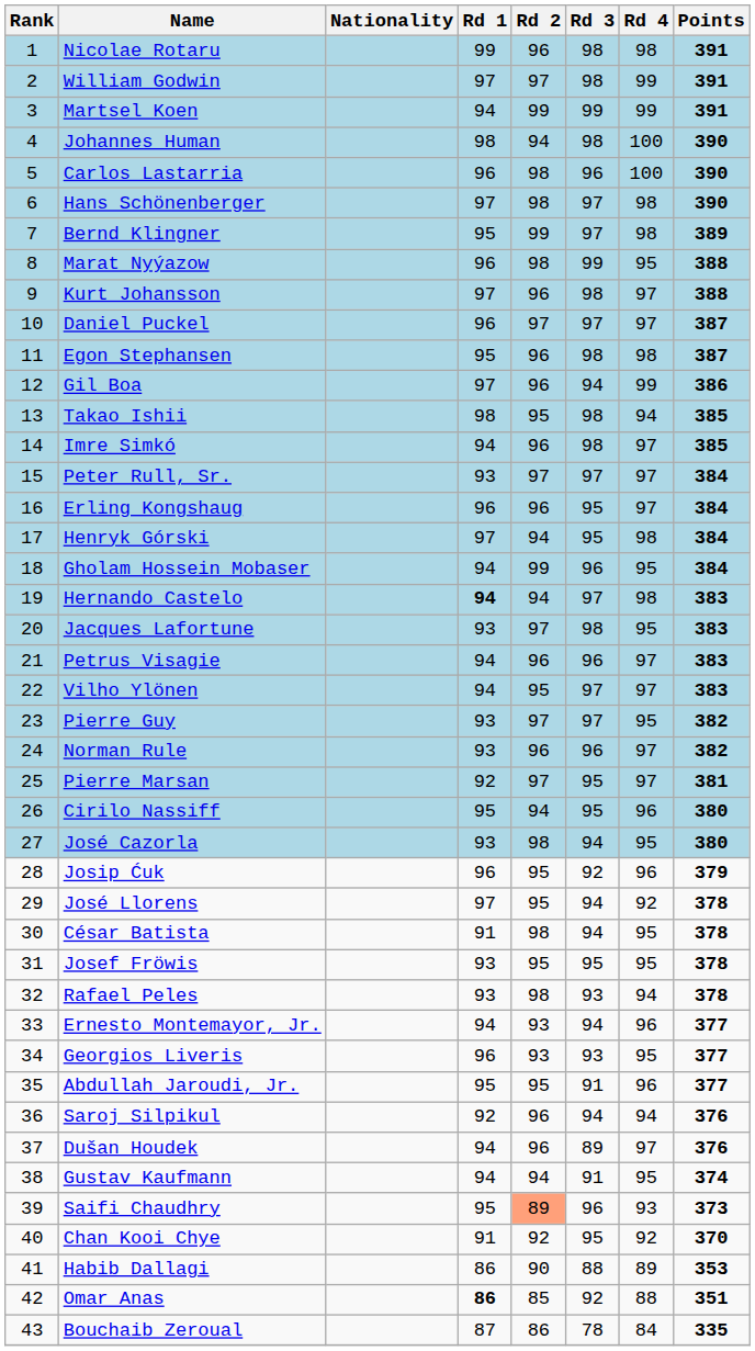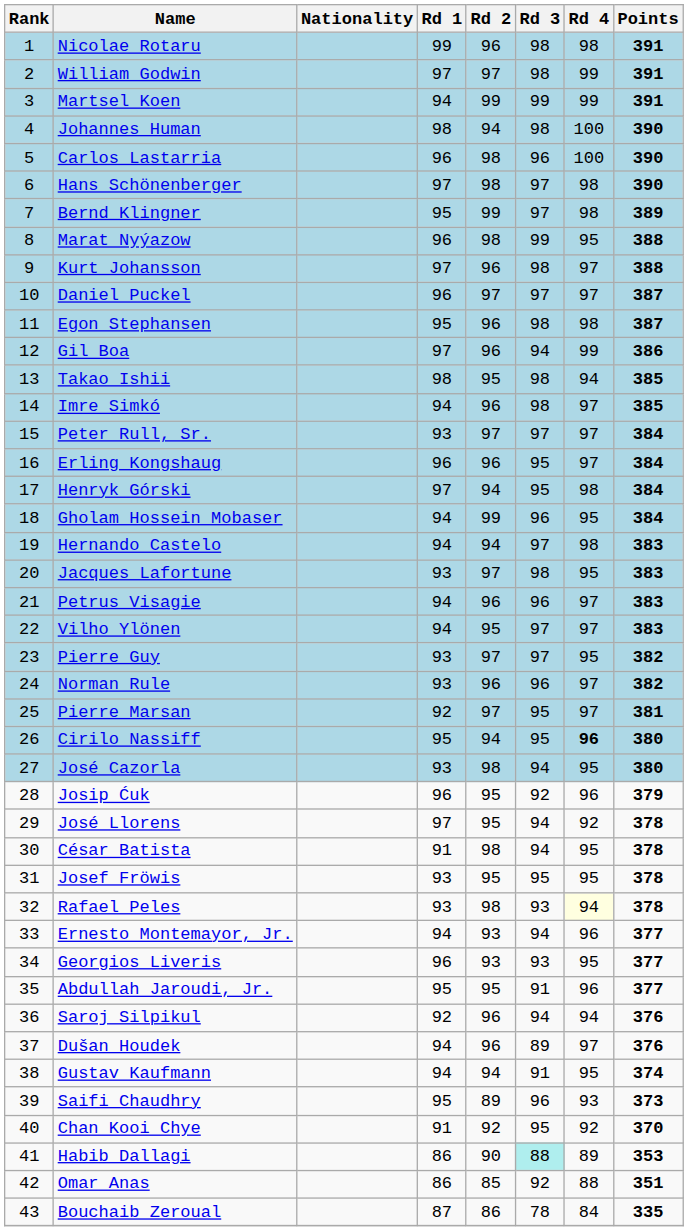 <table class="wikitable sortable" style="text-align:center">
 <tr>
 <th>Rank</th>
 <th>Name</th>
 <th>Nationality</th>
 <th>Rd 1</th>
 <th>Rd 2</th>
 <th>Rd 3</th>
 <th>Rd 4</th>
 <th>Points</th>
 </tr>
 <tr bgcolor=lightblue>
 <td>1</td>
 <td align=left><a href='#'>Nicolae Rotaru</a></td>
 <td align=left></td>
 <td>99</td>
 <td>96</td>
 <td>98</td>
 <td>98</td>
 <td><strong>391</strong></td>
 </tr>
 <tr bgcolor=lightblue>
 <td>2</td>
 <td align=left><a href='#'>William Godwin</a></td>
 <td align=left></td>
 <td>97</td>
 <td>97</td>
 <td>98</td>
 <td>99</td>
 <td><strong>391</strong></td>
 </tr>
 <tr bgcolor=lightblue>
 <td>3</td>
 <td align=left><a href='#'>Martsel Koen</a></td>
 <td align=left></td>
 <td>94</td>
 <td>99</td>
 <td>99</td>
 <td>99</td>
 <td><strong>391</strong></td>
 </tr>
 <tr bgcolor=lightblue>
 <td>4</td>
 <td align=left><a href='#'>Johannes Human</a></td>
 <td align=left></td>
 <td>98</td>
 <td>94</td>
 <td>98</td>
 <td>100</td>
 <td><strong>390</strong></td>
 </tr>
 <tr bgcolor=lightblue>
 <td>5</td>
 <td align=left><a href='#'>Carlos Lastarria</a></td>
 <td align=left></td>
 <td>96</td>
 <td>98</td>
 <td>96</td>
 <td>100</td>
 <td><strong>390</strong></td>
 </tr>
 <tr bgcolor=lightblue>
 <td>6</td>
 <td align=left><a href='#'>Hans Schönenberger</a></td>
 <td align=left></td>
 <td>97</td>
 <td>98</td>
 <td>97</td>
 <td>98</td>
 <td><strong>390</strong></td>
 </tr>
 <tr bgcolor=lightblue>
 <td>7</td>
 <td align=left><a href='#'>Bernd Klingner</a></td>
 <td align=left></td>
 <td>95</td>
 <td>99</td>
 <td>97</td>
 <td>98</td>
 <td><strong>389</strong></td>
 </tr>
 <tr bgcolor=lightblue>
 <td>8</td>
 <td align=left><a href='#'>Marat Nyýazow</a></td>
 <td align=left></td>
 <td>96</td>
 <td>98</td>
 <td>99</td>
 <td>95</td>
 <td><strong>388</strong></td>
 </tr>
 <tr bgcolor=lightblue>
 <td>9</td>
 <td align=left><a href='#'>Kurt Johansson</a></td>
 <td align=left></td>
 <td>97</td>
 <td>96</td>
 <td>98</td>
 <td>97</td>
 <td><strong>388</strong></td>
 </tr>
 <tr bgcolor=lightblue>
 <td>10</td>
 <td align=left><a href='#'>Daniel Puckel</a></td>
 <td align=left></td>
 <td>96</td>
 <td>97</td>
 <td>97</td>
 <td>97</td>
 <td><strong>387</strong></td>
 </tr>
 <tr bgcolor=lightblue>
 <td>11</td>
 <td align=left><a href='#'>Egon Stephansen</a></td>
 <td align=left></td>
 <td>95</td>
 <td>96</td>
 <td>98</td>
 <td>98</td>
 <td><strong>387</strong></td>
 </tr>
 <tr bgcolor=lightblue>
 <td>12</td>
 <td align=left><a href='#'>Gil Boa</a></td>
 <td align=left></td>
 <td>97</td>
 <td>96</td>
 <td>94</td>
 <td>99</td>
 <td><strong>386</strong></td>
 </tr>
 <tr bgcolor=lightblue>
 <td>13</td>
 <td align=left><a href='#'>Takao Ishii</a></td>
 <td align=left></td>
 <td>98</td>
 <td>95</td>
 <td>98</td>
 <td>94</td>
 <td><strong>385</strong></td>
 </tr>
 <tr bgcolor=lightblue>
 <td>14</td>
 <td align=left><a href='#'>Imre Simkó</a></td>
 <td align=left></td>
 <td>94</td>
 <td>96</td>
 <td>98</td>
 <td>97</td>
 <td><strong>385</strong></td>
 </tr>
 <tr bgcolor=lightblue>
 <td>15</td>
 <td align=left><a href='#'>Peter Rull, Sr.</a></td>
 <td align=left></td>
 <td>93</td>
 <td>97</td>
 <td>97</td>
 <td>97</td>
 <td><strong>384</strong></td>
 </tr>
 <tr bgcolor=lightblue>
 <td>16</td>
 <td align=left><a href='#'>Erling Kongshaug</a></td>
 <td align=left></td>
 <td>96</td>
 <td>96</td>
 <td>95</td>
 <td>97</td>
 <td><strong>384</strong></td>
 </tr>
 <tr bgcolor=lightblue>
 <td>17</td>
 <td align=left><a href='#'>Henryk Górski</a></td>
 <td align=left></td>
 <td>97</td>
 <td>94</td>
 <td>95</td>
 <td>98</td>
 <td><strong>384</strong></td>
 </tr>
 <tr bgcolor=lightblue>
 <td>18</td>
 <td align=left><a href='#'>Gholam Hossein Mobaser</a></td>
 <td align=left></td>
 <td>94</td>
 <td>99</td>
 <td>96</td>
 <td>95</td>
 <td><strong>384</strong></td>
 </tr>
 <tr bgcolor=lightblue>
 <td>19</td>
 <td align=left><a href='#'>Hernando Castelo</a></td>
 <td align=left></td>
-<td><strong>94</strong></td>
+<td>94</td>
 <td>94</td>
 <td>97</td>
 <td>98</td>
 <td><strong>383</strong></td>
 </tr>
 <tr bgcolor=lightblue>
 <td>20</td>
 <td align=left><a href='#'>Jacques Lafortune</a></td>
 <td align=left></td>
 <td>93</td>
 <td>97</td>
 <td>98</td>
 <td>95</td>
 <td><strong>383</strong></td>
 </tr>
 <tr bgcolor=lightblue>
 <td>21</td>
 <td align=left><a href='#'>Petrus Visagie</a></td>
 <td align=left></td>
 <td>94</td>
 <td>96</td>
 <td>96</td>
 <td>97</td>
 <td><strong>383</strong></td>
 </tr>
 <tr bgcolor=lightblue>
 <td>22</td>
 <td align=left><a href='#'>Vilho Ylönen</a></td>
 <td align=left></td>
 <td>94</td>
 <td>95</td>
 <td>97</td>
 <td>97</td>
 <td><strong>383</strong></td>
 </tr>
 <tr bgcolor=lightblue>
 <td>23</td>
 <td align=left><a href='#'>Pierre Guy</a></td>
 <td align=left></td>
 <td>93</td>
 <td>97</td>
 <td>97</td>
 <td>95</td>
 <td><strong>382</strong></td>
 </tr>
 <tr bgcolor=lightblue>
 <td>24</td>
 <td align=left><a href='#'>Norman Rule</a></td>
 <td align=left></td>
 <td>93</td>
 <td>96</td>
 <td>96</td>
 <td>97</td>
 <td><strong>382</strong></td>
 </tr>
 <tr bgcolor=lightblue>
 <td>25</td>
 <td align=left><a href='#'>Pierre Marsan</a></td>
 <td align=left></td>
 <td>92</td>
 <td>97</td>
 <td>95</td>
 <td>97</td>
 <td><strong>381</strong></td>
 </tr>
 <tr bgcolor=lightblue>
 <td>26</td>
 <td align=left><a href='#'>Cirilo Nassiff</a></td>
 <td align=left></td>
 <td>95</td>
 <td>94</td>
 <td>95</td>
-<td>96</td>
+<td><strong>96</strong></td>
 <td><strong>380</strong></td>
 </tr>
 <tr bgcolor=lightblue>
 <td>27</td>
 <td align=left><a href='#'>José Cazorla</a></td>
 <td align=left></td>
 <td>93</td>
 <td>98</td>
 <td>94</td>
 <td>95</td>
 <td><strong>380</strong></td>
 </tr>
 <tr>
 <td>28</td>
 <td align=left><a href='#'>Josip Ćuk</a></td>
 <td align=left></td>
 <td>96</td>
 <td>95</td>
 <td>92</td>
 <td>96</td>
 <td><strong>379</strong></td>
 </tr>
 <tr>
 <td>29</td>
 <td align=left><a href='#'>José Llorens</a></td>
 <td align=left></td>
 <td>97</td>
 <td>95</td>
 <td>94</td>
 <td>92</td>
 <td><strong>378</strong></td>
 </tr>
 <tr>
 <td>30</td>
 <td align=left><a href='#'>César Batista</a></td>
 <td align=left></td>
 <td>91</td>
 <td>98</td>
 <td>94</td>
 <td>95</td>
 <td><strong>378</strong></td>
 </tr>
 <tr>
 <td>31</td>
 <td align=left><a href='#'>Josef Fröwis</a></td>
 <td align=left></td>
 <td>93</td>
 <td>95</td>
 <td>95</td>
 <td>95</td>
 <td><strong>378</strong></td>
 </tr>
 <tr>
 <td>32</td>
 <td align=left><a href='#'>Rafael Peles</a></td>
 <td align=left></td>
 <td>93</td>
 <td>98</td>
 <td>93</td>
-<td>94</td>
+<td style="background: lightyellow;">94</td>
 <td><strong>378</strong></td>
 </tr>
 <tr>
 <td>33</td>
 <td align=left><a href='#'>Ernesto Montemayor, Jr.</a></td>
 <td align=left></td>
 <td>94</td>
 <td>93</td>
 <td>94</td>
 <td>96</td>
 <td><strong>377</strong></td>
 </tr>
 <tr>
 <td>34</td>
 <td align=left><a href='#'>Georgios Liveris</a></td>
 <td align=left></td>
 <td>96</td>
 <td>93</td>
 <td>93</td>
 <td>95</td>
 <td><strong>377</strong></td>
 </tr>
 <tr>
 <td>35</td>
 <td align=left><a href='#'>Abdullah Jaroudi, Jr.</a></td>
 <td align=left></td>
 <td>95</td>
 <td>95</td>
 <td>91</td>
 <td>96</td>
 <td><strong>377</strong></td>
 </tr>
 <tr>
 <td>36</td>
 <td align=left><a href='#'>Saroj Silpikul</a></td>
 <td align=left></td>
 <td>92</td>
 <td>96</td>
 <td>94</td>
 <td>94</td>
 <td><strong>376</strong></td>
 </tr>
 <tr>
 <td>37</td>
 <td align=left><a href='#'>Dušan Houdek</a></td>
 <td align=left></td>
 <td>94</td>
 <td>96</td>
 <td>89</td>
 <td>97</td>
 <td><strong>376</strong></td>
 </tr>
 <tr>
 <td>38</td>
 <td align=left><a href='#'>Gustav Kaufmann</a></td>
 <td align=left></td>
 <td>94</td>
 <td>94</td>
 <td>91</td>
 <td>95</td>
 <td><strong>374</strong></td>
 </tr>
 <tr>
 <td>39</td>
 <td align=left><a href='#'>Saifi Chaudhry</a></td>
 <td align=left></td>
 <td>95</td>
-<td style="background: lightsalmon;">89</td>
+<td>89</td>
 <td>96</td>
 <td>93</td>
 <td><strong>373</strong></td>
 </tr>
 <tr>
 <td>40</td>
 <td align=left><a href='#'>Chan Kooi Chye</a></td>
 <td align=left></td>
 <td>91</td>
 <td>92</td>
 <td>95</td>
 <td>92</td>
 <td><strong>370</strong></td>
 </tr>
 <tr>
 <td>41</td>
 <td align=left><a href='#'>Habib Dallagi</a></td>
 <td align=left></td>
 <td>86</td>
 <td>90</td>
-<td>88</td>
+<td style="background: paleturquoise;">88</td>
 <td>89</td>
 <td><strong>353</strong></td>
 </tr>
 <tr>
 <td>42</td>
 <td align=left><a href='#'>Omar Anas</a></td>
 <td align=left></td>
-<td><strong>86</strong></td>
+<td>86</td>
 <td>85</td>
 <td>92</td>
 <td>88</td>
 <td><strong>351</strong></td>
 </tr>
 <tr>
 <td>43</td>
 <td align=left><a href='#'>Bouchaib Zeroual</a></td>
 <td align=left></td>
 <td>87</td>
 <td>86</td>
 <td>78</td>
 <td>84</td>
 <td><strong>335</strong></td>
 </tr>
 <tr>
 </tr>
 </table>
